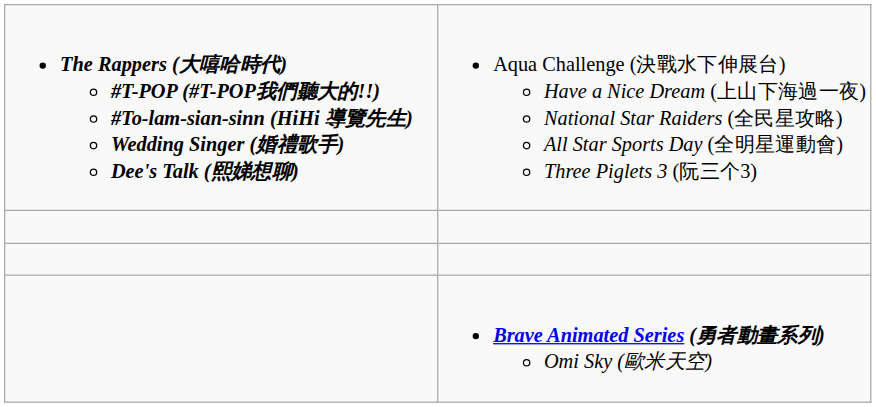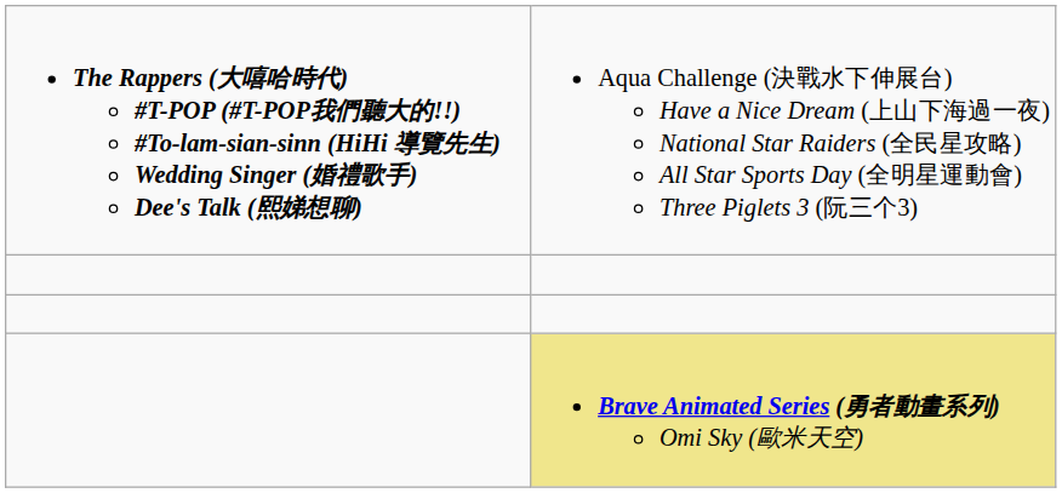 <table class=wikitable>
 <tr>
 <td style="vertical-align:top;" width="50%"><br><ul><li><strong><em>The Rappers<em> (大嘻哈時代)<strong><ul><li></em>#T-POP<em> (#T-POP我們聽大的!!)</li><li></em>#To-lam-sian-sinn<em> (HiHi 導覽先生)</li><li></em>Wedding Singer<em> (婚禮歌手)</li><li></em>Dee's Talk<em> (熙娣想聊)</li></ul></li></ul></td>
 <td style="vertical-align:top;" width="50%"><br><ul><li></em></strong>Aqua Challenge</em> (決戰水下伸展台)</strong><ul><li><em>Have a Nice Dream</em> (上山下海過一夜)</li><li><em>National Star Raiders</em> (全民星攻略)</li><li><em>All Star Sports Day</em> (全明星運動會)</li><li><em>Three Piglets 3</em> (阮三个3)</li></ul></li></ul></td>
 </tr>
 <tr>
 <td style="vertical-align:top;" width="50%"><br> <strong><em></em></strong></td>
 <td style="vertical-align:top;" width="50%"><br> <strong><em></em></strong></td>
 </tr>
 <tr>
 <td style="vertical-align:top;" width="50%"><br> <strong><em></em></strong></td>
 <td style="vertical-align:top;" width="50%"><br> <strong><em></em></strong></td>
 </tr>
 <tr>
 <td style="vertical-align:top;" width="50%"><br> <strong><em></em></strong></td>
-<td style="vertical-align:top;" width="50%"><br><ul><li><strong><em><a href='#'>Brave Animated Series</a> (勇者動畫系列)</em></strong><ul><li><em>Omi Sky (歐米天空)</em></li></ul></li></ul></td>
+<td style="background: khaki; vertical-align:top;" width="50%"><br><ul><li><strong><em><a href='#'>Brave Animated Series</a> (勇者動畫系列)</em></strong><ul><li><em>Omi Sky (歐米天空)</em></li></ul></li></ul></td>
 </tr>
 </table>
